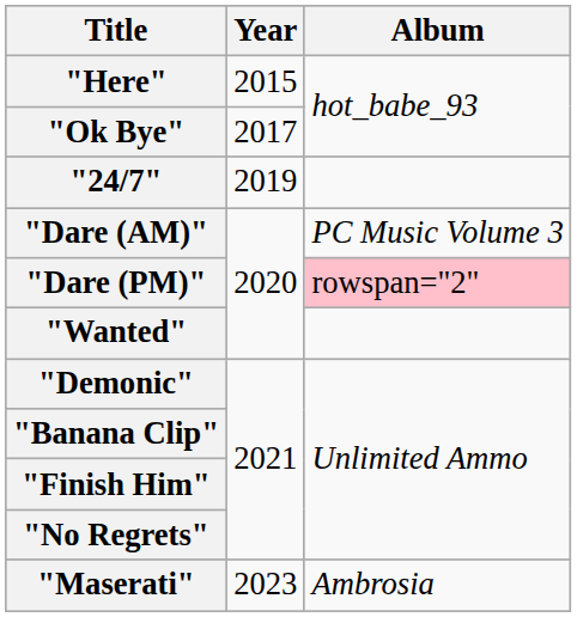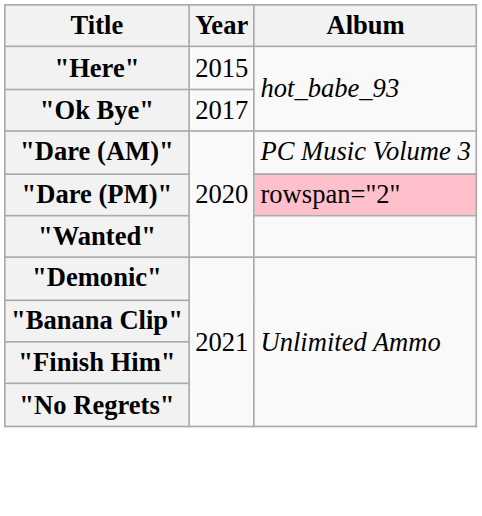 <table class="wikitable plainrowheaders">
 <tr>
 <th>Title</th>
 <th>Year</th>
 <th>Album</th>
 </tr>
 <tr>
 <th scope="row">"Here"<br></th>
 <td>2015</td>
 <td rowspan="2"><em>hot_babe_93</em></td>
 </tr>
 <tr>
 <th scope="row">"Ok Bye"</th>
 <td>2017</td>
-</tr>
-<tr>
-<th scope="row">"24/7"</th>
-<td>2019</td>
-<td></td>
 </tr>
 <tr>
 <th scope="row">"Dare (AM)"</th>
 <td rowspan="3">2020</td>
 <td><em>PC Music Volume 3</em></td>
 </tr>
 <tr>
 <th scope="row">"Dare (PM)"</th>
 <td style="background: pink;">rowspan="2" </td>
 </tr>
 <tr>
 <th scope="row">"Wanted"</th>
 </tr>
 <tr>
 <th scope="row">"Demonic"<br></th>
 <td rowspan="4">2021</td>
 <td rowspan="4"><em>Unlimited Ammo</em></td>
 </tr>
 <tr>
 <th scope="row">"Banana Clip"<br></th>
 </tr>
 <tr>
 <th scope="row">"Finish Him"<br></th>
 </tr>
 <tr>
 <th scope="row">"No Regrets"</th>
 </tr>
-<tr>
-<th scope="row">"Maserati"</th>
-<td>2023</td>
-<td><em>Ambrosia</em></td>
-</tr>
 </table>
